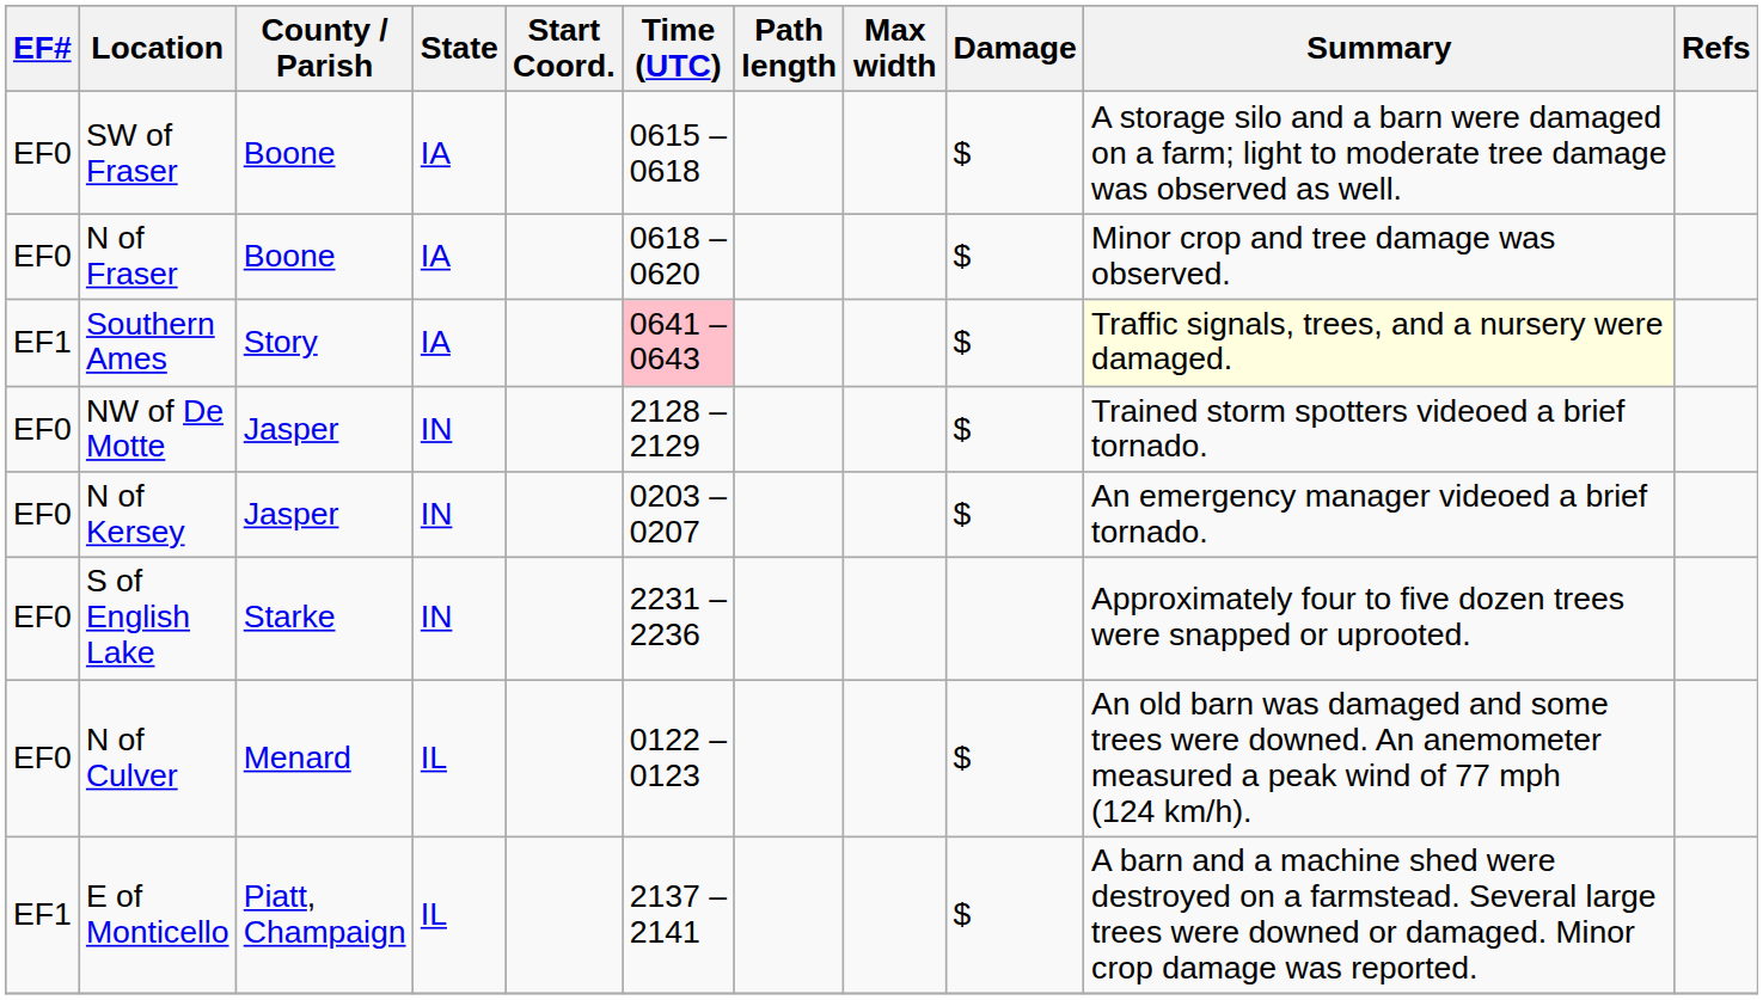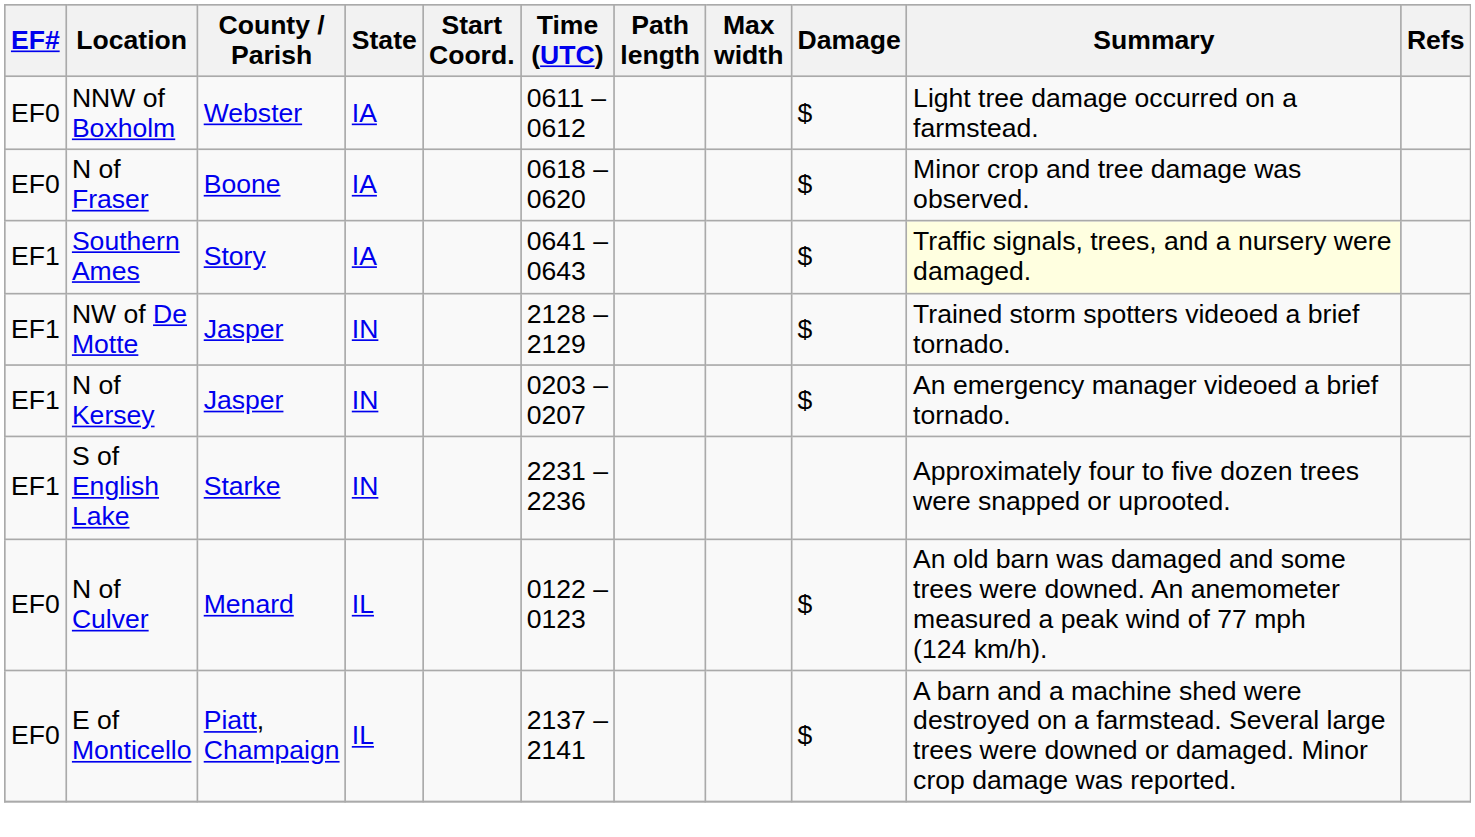 <table class="wikitable sortable" style="width:100%;">
 <tr>
 <th scope="col" width="3%" align="center"><a href='#'>EF#</a></th>
 <th scope="col" width="7%" align="center" class="unsortable">Location</th>
 <th scope="col" width="6%" align="center" class="unsortable">County / Parish</th>
 <th scope="col" width="5%" align="center">State</th>
 <th scope="col" width="6%" align="center">Start Coord.</th>
 <th scope="col" width="6%" align="center">Time (<a href='#'>UTC</a>)</th>
 <th scope="col" width="6%" align="center">Path length</th>
 <th scope="col" width="6%" align="center">Max width</th>
 <th scope="col" width="6%" align="center">Damage</th>
 <th scope="col" width="48%" class="unsortable" align="center">Summary</th>
 <th scope="col" width="48%" class="unsortable" align="center">Refs</th>
 </tr>
 <tr>
 <td>EF0</td>
-<td>SW of <a href='#'>Fraser</a></td>
-<td><a href='#'>Boone</a></td>
+<td>NNW of <a href='#'>Boxholm</a></td>
+<td><a href='#'>Webster</a></td>
 <td><a href='#'>IA</a></td>
 <td></td>
-<td>0615 – 0618</td>
+<td>0611 – 0612</td>
 <td></td>
 <td></td>
 <td>$</td>
-<td>A storage silo and a barn were damaged on a farm; light to moderate tree damage was observed as well.</td>
+<td>Light tree damage occurred on a farmstead.</td>
 <td></td>
 </tr>
 <tr>
 <td>EF0</td>
 <td>N of <a href='#'>Fraser</a></td>
 <td><a href='#'>Boone</a></td>
 <td><a href='#'>IA</a></td>
 <td></td>
 <td>0618 – 0620</td>
 <td></td>
 <td></td>
 <td>$</td>
 <td>Minor crop and tree damage was observed.</td>
 <td></td>
 </tr>
 <tr>
 <td>EF1</td>
 <td><a href='#'>Southern Ames</a></td>
 <td><a href='#'>Story</a></td>
 <td><a href='#'>IA</a></td>
 <td></td>
-<td style="background: pink;">0641 – 0643</td>
+<td>0641 – 0643</td>
 <td></td>
 <td></td>
 <td>$</td>
 <td style="background: lightyellow;">Traffic signals, trees, and a nursery were damaged.</td>
 <td></td>
 </tr>
 <tr>
-<td>EF0</td>
+<td>EF1</td>
 <td>NW of <a href='#'>De Motte</a></td>
 <td><a href='#'>Jasper</a></td>
 <td><a href='#'>IN</a></td>
 <td></td>
 <td>2128 – 2129</td>
 <td></td>
 <td></td>
 <td>$</td>
 <td>Trained storm spotters videoed a brief tornado.</td>
 <td></td>
 </tr>
 <tr>
-<td>EF0</td>
+<td>EF1</td>
 <td>N of <a href='#'>Kersey</a></td>
 <td><a href='#'>Jasper</a></td>
 <td><a href='#'>IN</a></td>
 <td></td>
 <td>0203 – 0207</td>
 <td></td>
 <td></td>
 <td>$</td>
 <td>An emergency manager videoed a brief tornado.</td>
 <td></td>
 </tr>
 <tr>
-<td>EF0</td>
+<td>EF1</td>
 <td>S of <a href='#'>English Lake</a></td>
 <td><a href='#'>Starke</a></td>
 <td><a href='#'>IN</a></td>
 <td></td>
 <td>2231 – 2236</td>
 <td></td>
 <td></td>
 <td></td>
 <td>Approximately four to five dozen trees were snapped or uprooted.</td>
 <td></td>
 </tr>
 <tr>
 <td>EF0</td>
 <td>N of <a href='#'>Culver</a></td>
 <td><a href='#'>Menard</a></td>
 <td><a href='#'>IL</a></td>
 <td></td>
 <td>0122 – 0123</td>
 <td></td>
 <td></td>
 <td>$</td>
 <td>An old barn was damaged and some trees were downed. An anemometer measured a peak wind of 77 mph (124 km/h).</td>
 <td></td>
 </tr>
 <tr>
-<td>EF1</td>
+<td>EF0</td>
 <td>E of <a href='#'>Monticello</a></td>
 <td><a href='#'>Piatt</a>, <a href='#'>Champaign</a></td>
 <td><a href='#'>IL</a></td>
 <td></td>
 <td>2137 – 2141</td>
 <td></td>
 <td></td>
 <td>$</td>
 <td>A barn and a machine shed were destroyed on a farmstead. Several large trees were downed or damaged. Minor crop damage was reported.</td>
 <td></td>
 </tr>
 <tr>
 </tr>
 </table>
